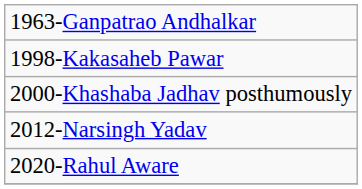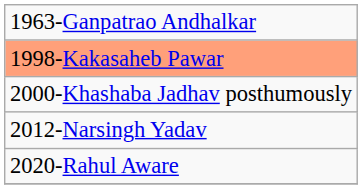 <table class="wikitable plainrowheaders" border="1">
 <tr>
 <td>1963-<a href='#'>Ganpatrao Andhalkar</a></td>
 </tr>
 <tr>
-<td>1998-<a href='#'>Kakasaheb Pawar</a></td>
+<td style="background: lightsalmon;">1998-<a href='#'>Kakasaheb Pawar</a></td>
 </tr>
 <tr>
 <td>2000-<a href='#'>Khashaba Jadhav</a> posthumously</td>
 </tr>
 <tr>
 <td>2012-<a href='#'>Narsingh Yadav</a></td>
 </tr>
 <tr>
 <td>2020-<a href='#'>Rahul Aware</a></td>
 </tr>
 <tr>
 </tr>
 </table>
